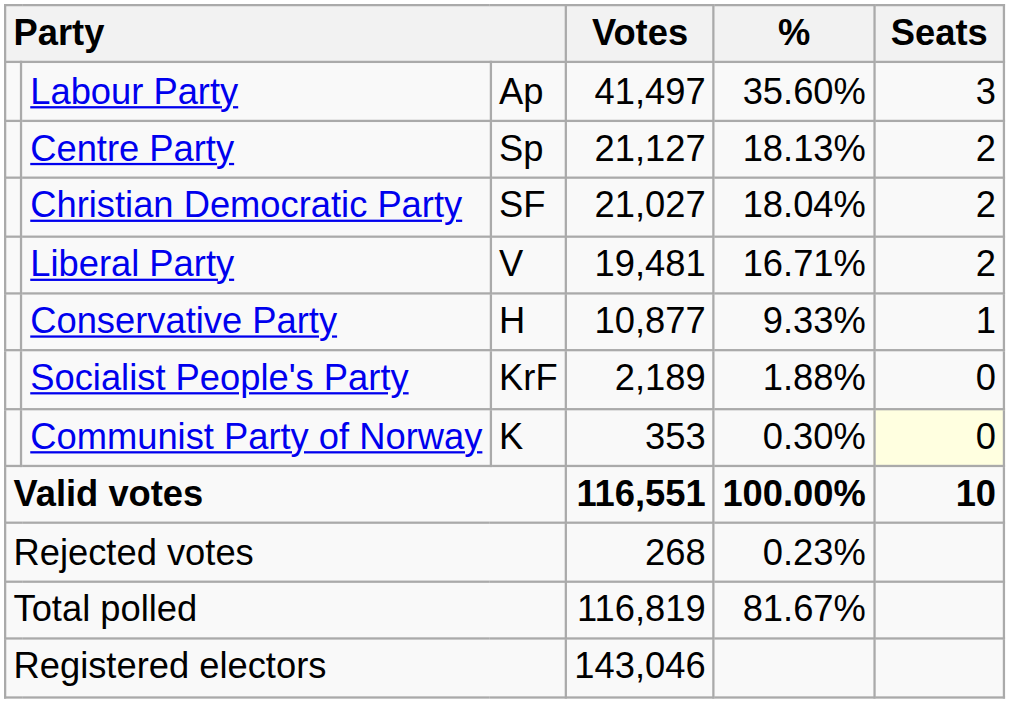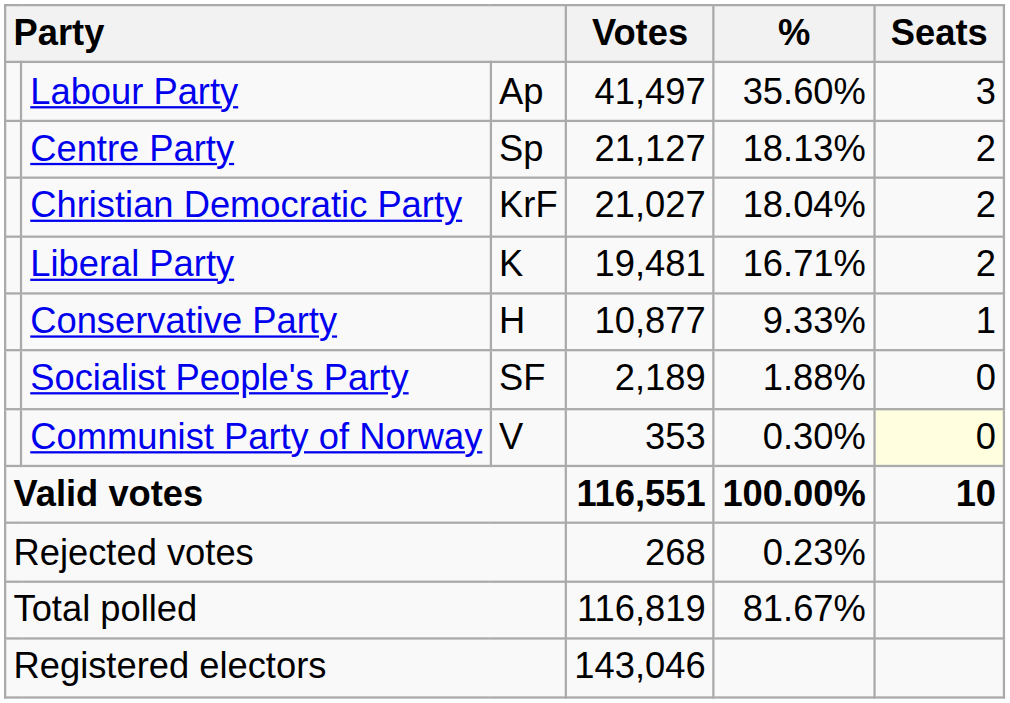 <table class="wikitable" border="1" style="text-align:right;">
 <tr>
 <th style="text-align:left;" colspan=3>Party</th>
 <th align=center width="50">Votes</th>
 <th align=center width="50">%</th>
 <th align=center width="50">Seats</th>
 </tr>
 <tr>
 <td style="color:inherit;background:"></td>
 <td align=left><a href='#'>Labour Party</a></td>
 <td align=left>Ap</td>
 <td>41,497</td>
 <td>35.60%</td>
 <td>3</td>
 </tr>
 <tr>
 <td style="color:inherit;background:"></td>
 <td align=left><a href='#'>Centre Party</a></td>
 <td align=left>Sp</td>
 <td>21,127</td>
 <td>18.13%</td>
 <td>2</td>
 </tr>
 <tr>
 <td style="color:inherit;background:"></td>
 <td align=left><a href='#'>Christian Democratic Party</a></td>
-<td align=left>SF</td>
+<td align=left>KrF</td>
 <td>21,027</td>
 <td>18.04%</td>
 <td>2</td>
 </tr>
 <tr>
 <td style="color:inherit;background:"></td>
 <td align=left><a href='#'>Liberal Party</a></td>
-<td align=left>V</td>
+<td align=left>K</td>
 <td>19,481</td>
 <td>16.71%</td>
 <td>2</td>
 </tr>
 <tr>
 <td style="color:inherit;background:"></td>
 <td align=left><a href='#'>Conservative Party</a></td>
 <td align=left>H</td>
 <td>10,877</td>
 <td>9.33%</td>
 <td>1</td>
 </tr>
 <tr>
 <td style="color:inherit;background:"></td>
 <td align=left><a href='#'>Socialist People's Party</a></td>
-<td align=left>KrF</td>
+<td align=left>SF</td>
 <td>2,189</td>
 <td>1.88%</td>
 <td>0</td>
 </tr>
 <tr>
 <td style="color:inherit;background:"></td>
 <td align=left><a href='#'>Communist Party of Norway</a></td>
-<td align=left>K</td>
+<td align=left>V</td>
 <td>353</td>
 <td>0.30%</td>
 <td style="background: lightyellow;">0</td>
 </tr>
 <tr style="font-weight:bold">
 <td align=left colspan=3>Valid votes</td>
 <td>116,551</td>
 <td>100.00%</td>
 <td>10</td>
 </tr>
 <tr>
 <td align=left colspan=3>Rejected votes</td>
 <td>268</td>
 <td>0.23%</td>
 <td></td>
 </tr>
 <tr>
 <td align=left colspan=3>Total polled</td>
 <td>116,819</td>
 <td>81.67%</td>
 <td></td>
 </tr>
 <tr>
 <td align=left colspan=3>Registered electors</td>
 <td>143,046</td>
 <td></td>
 <td></td>
 </tr>
 </table>
